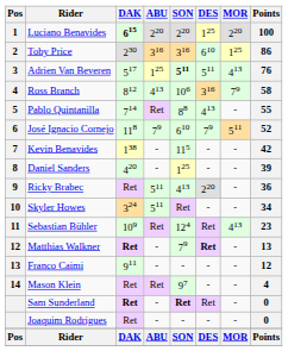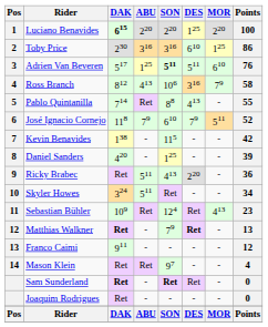 <table class="wikitable" style="font-size: 85%; text-align: center; display: inline-table;">
 <tr valign="top">
 <th valign="middle">Pos</th>
 <th valign="middle">Rider</th>
 <th><a href='#'>DAK</a><br></th>
 <th><a href='#'>ABU</a><br></th>
 <th><a href='#'>SON</a><br></th>
 <th><a href='#'>DES</a><br></th>
 <th><a href='#'>MOR</a><br></th>
 <th valign="middle">Points</th>
 </tr>
 <tr>
 <th>1</th>
 <td align=left> <a href='#'>Luciano Benavides</a></td>
 <td style="background:#dfffdf;"><strong>6<sup>15</sup></strong></td>
 <td style="background:#dfdfdf;">2<sup>20</sup></td>
 <td style="background:#dfdfdf;">2<sup>20</sup></td>
 <td style="background:#ffffbf;">1<sup>25</sup></td>
 <td style="background:#dfdfdf;">2<sup>20</sup></td>
 <th>100</th>
 </tr>
 <tr>
 <th>2</th>
 <td align=left> <a href='#'>Toby Price</a></td>
 <td style="background:#dfdfdf;">2<sup>30</sup></td>
 <td style="background:#ffdf9f;">3<sup>16</sup></td>
 <td style="background:#ffdf9f;">3<sup>16</sup></td>
 <td style="background:#dfffdf;">6<sup>10</sup></td>
 <td style="background:#ffffbf;">1<sup>25</sup></td>
 <th>86</th>
 </tr>
 <tr>
 <th>3</th>
 <td align=left> <a href='#'>Adrien Van Beveren</a></td>
 <td style="background:#dfffdf;">5<sup>17</sup></td>
 <td style="background:#ffffbf;">1<sup>25</sup></td>
 <td style="background:#dfffdf;"><strong>5<sup>11</sup></strong></td>
 <td style="background:#dfffdf;">5<sup>11</sup></td>
-<td style="background:#dfffdf;">4<sup>13</sup></td>
+<td style="background:#dfffdf;">6<sup>10</sup></td>
 <th>76</th>
 </tr>
 <tr>
 <th>4</th>
 <td align=left> <a href='#'>Ross Branch</a></td>
 <td style="background:#dfffdf;">8<sup>12</sup></td>
 <td style="background:#dfffdf;">4<sup>13</sup></td>
 <td style="background:#dfffdf;">10<sup>6</sup></td>
 <td style="background:#ffdf9f;">3<sup>16</sup></td>
 <td style="background:#dfffdf;">7<sup>9</sup></td>
 <th>58</th>
 </tr>
 <tr>
 <th>5</th>
 <td align="left"> <a href='#'>Pablo Quintanilla</a></td>
 <td style="background:#dfffdf;">7<sup>14</sup></td>
 <td style="background:#efcfff;">Ret</td>
 <td style="background:#dfffdf;">8<sup>8</sup></td>
 <td style="background:#dfffdf;">4<sup>13</sup></td>
 <td>-</td>
 <th>55</th>
 </tr>
 <tr>
 <th>6</th>
 <td align=left> <a href='#'>José Ignacio Cornejo</a></td>
 <td style="background:#dfffdf;">11<sup>8</sup></td>
 <td style="background:#dfffdf;">7<sup>9</sup></td>
 <td style="background:#dfffdf;">6<sup>10</sup></td>
 <td style="background:#dfffdf;">7<sup>9</sup></td>
 <td style="background:#ffdf9f;">5<sup>11</sup></td>
 <th>52</th>
 </tr>
 <tr>
 <th>7</th>
 <td align="left"> <a href='#'>Kevin Benavides</a></td>
 <td style="background:#ffffbf;">1<sup>38</sup></td>
 <td>-</td>
 <td style="background:#dfffdf;">11<sup>5</sup></td>
 <td>-</td>
 <td>-</td>
 <th>42</th>
 </tr>
 <tr>
 <th>8</th>
 <td align="left"> <a href='#'>Daniel Sanders</a></td>
 <td style="background:#dfffdf;">4<sup>20</sup></td>
 <td>-</td>
 <td style="background:#ffffbf;">1<sup>25</sup></td>
 <td>-</td>
 <td>-</td>
 <th>39</th>
 </tr>
 <tr>
 <th>9</th>
 <td align=left> <a href='#'>Ricky Brabec</a></td>
 <td style="background:#efcfff;">Ret</td>
 <td style="background:#dfffdf;">5<sup>11</sup></td>
 <td style="background:#dfffdf;">4<sup>13</sup></td>
 <td style="background:#dfdfdf;">2<sup>20</sup></td>
 <td>-</td>
 <th>36</th>
 </tr>
 <tr>
 <th>10</th>
 <td align=left> <a href='#'>Skyler Howes</a></td>
 <td style="background:#ffdf9f;">3<sup>24</sup></td>
 <td style="background:#dfffdf;">5<sup>11</sup></td>
 <td style="background:#efcfff;">Ret</td>
 <td>-</td>
 <td>-</td>
 <th>34</th>
 </tr>
 <tr>
 <th>11</th>
 <td align=left> <a href='#'>Sebastian Bühler</a></td>
 <td style="background:#dfffdf;">10<sup>9</sup></td>
 <td style="background:#efcfff;">Ret</td>
 <td style="background:#dfffdf;">12<sup>4</sup></td>
 <td style="background:#efcfff;">Ret</td>
 <td style="background:#dfffdf;">4<sup>13</sup></td>
 <th>23</th>
 </tr>
 <tr>
 <th>12</th>
 <td align=left> <a href='#'>Matthias Walkner</a></td>
 <td style="background:#efcfff;"><strong>Ret</strong></td>
 <td>-</td>
 <td style="background:#dfffdf;">7<sup>9</sup></td>
 <td style="background:#efcfff;"><strong>Ret</strong></td>
 <td>-</td>
 <th>13</th>
 </tr>
 <tr>
 <th>13</th>
 <td align=left> <a href='#'>Franco Caimi</a></td>
 <td style="background:#dfffdf;">9<sup>11</sup></td>
 <td>-</td>
 <td>-</td>
 <td>-</td>
 <td>-</td>
 <th>12</th>
 </tr>
 <tr>
 <th>14</th>
 <td align=left> <a href='#'>Mason Klein</a></td>
 <td style="background:#efcfff;">Ret</td>
 <td style="background:#efcfff;">Ret</td>
 <td style="background:#dfffdf;">9<sup>7</sup></td>
 <td>-</td>
 <td>-</td>
 <th>4</th>
 </tr>
 <tr>
 <th></th>
 <td align=left> <a href='#'>Sam Sunderland</a></td>
 <td style="background:#efcfff;"><strong>Ret</strong></td>
 <td>-</td>
 <td style="background:#efcfff;"><strong>Ret</strong></td>
 <td style="background:#efcfff;">Ret</td>
 <td>-</td>
 <th>0</th>
 </tr>
 <tr>
 <th></th>
 <td align=left> <a href='#'>Joaquim Rodrigues</a></td>
 <td style="background:#efcfff;">Ret</td>
 <td>-</td>
 <td>-</td>
 <td>-</td>
 <td>-</td>
 <th>0</th>
 </tr>
 <tr>
 </tr>
 <tr valign="top">
 <th valign="middle">Pos</th>
 <th valign="middle">Rider</th>
 <th><a href='#'>DAK</a><br></th>
 <th><a href='#'>ABU</a><br></th>
 <th><a href='#'>SON</a><br></th>
 <th><a href='#'>DES</a><br></th>
 <th><a href='#'>MOR</a><br></th>
 <th valign="middle">Points</th>
 </tr>
 <tr>
 </tr>
 </table>
